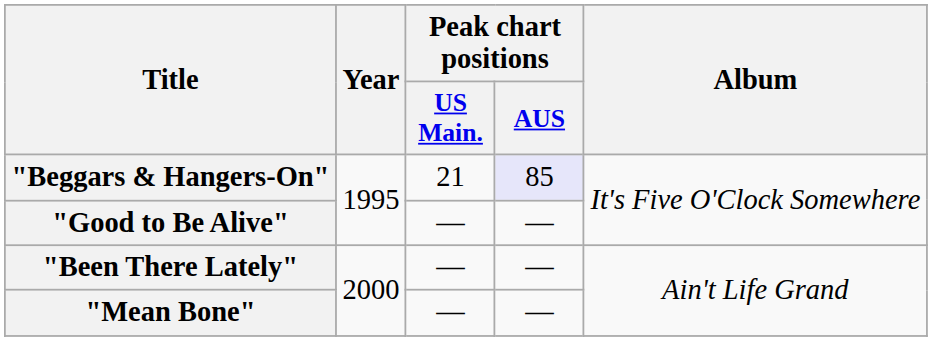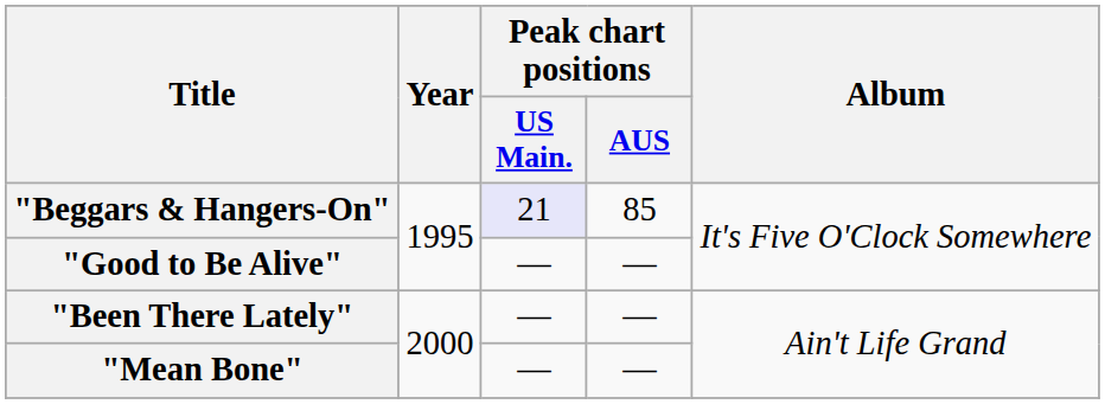 <table class="wikitable plainrowheaders" style="text-align:center;">
 <tr>
 <th rowspan="2">Title</th>
 <th rowspan="2">Year</th>
 <th colspan="2">Peak chart positions</th>
 <th rowspan="2">Album</th>
 </tr>
 <tr>
 <th scope="col" style="width:3em;font-size:90%;"><a href='#'>US<br>Main.</a><br></th>
 <th scope="col" style="width:3em;font-size:90%;"><a href='#'>AUS</a><br></th>
 </tr>
 <tr>
 <th scope="row">"Beggars & Hangers-On"</th>
 <td rowspan="2">1995</td>
-<td>21</td>
-<td style="background: lavender;">85</td>
+<td style="background: lavender;">21</td>
+<td>85</td>
 <td rowspan="2"><em>It's Five O'Clock Somewhere</em></td>
 </tr>
 <tr>
 <th scope="row">"Good to Be Alive"</th>
 <td>—</td>
 <td>—</td>
 </tr>
 <tr>
 <th scope="row">"Been There Lately"</th>
 <td rowspan="2">2000</td>
 <td>—</td>
 <td>—</td>
 <td rowspan="2"><em>Ain't Life Grand</em></td>
 </tr>
 <tr>
 <th scope="row">"Mean Bone"</th>
 <td>—</td>
 <td>—</td>
 </tr>
 </table>
